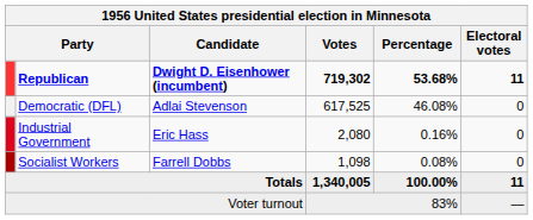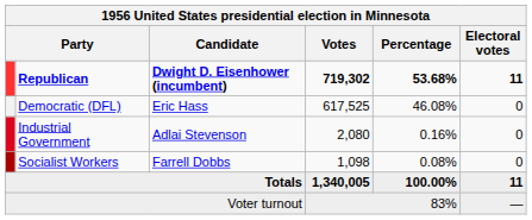 <table class="wikitable" style="font-size: 95%;">
 <tr>
 <th colspan="6">1956 United States presidential election in Minnesota</th>
 </tr>
 <tr>
 <th colspan="2" style="width: 15em">Party</th>
 <th style="width: 17em">Candidate</th>
 <th style="width: 5em">Votes</th>
 <th style="width: 7em">Percentage</th>
 <th style="width: 5em">Electoral votes</th>
 </tr>
 <tr>
 <th style="background-color:#FF3333; width: 3px"></th>
 <td style="width: 130px"><strong><a href='#'>Republican</a></strong></td>
 <td><strong><a href='#'>Dwight D. Eisenhower</a> (<a href='#'>incumbent</a>)</strong></td>
 <td align="right"><strong>719,302</strong></td>
 <td align="right"><strong>53.68%</strong></td>
 <td align="right"><strong>11</strong></td>
 </tr>
 <tr>
 <th style="background-color:"></th>
 <td style="width: 130px"><a href='#'>Democratic (DFL)</a></td>
-<td><a href='#'>Adlai Stevenson</a></td>
+<td><a href='#'>Eric Hass</a></td>
 <td align="right">617,525</td>
 <td align="right">46.08%</td>
 <td align="right">0</td>
 </tr>
 <tr>
 <th style="background-color:#DD051D; width: 3px"></th>
 <td style="width: 130px"><a href='#'>Industrial Government</a></td>
-<td><a href='#'>Eric Hass</a></td>
+<td><a href='#'>Adlai Stevenson</a></td>
 <td align="right">2,080</td>
 <td align="right">0.16%</td>
 <td align="right">0</td>
 </tr>
 <tr>
 <th style="background-color:#aa0000; width: 3px"></th>
 <td style="width: 130px"><a href='#'>Socialist Workers</a></td>
 <td><a href='#'>Farrell Dobbs</a></td>
 <td align="right">1,098</td>
 <td align="right">0.08%</td>
 <td align="right">0</td>
 </tr>
 <tr bgcolor="#EEEEEE">
 <td colspan="3" align="right"><strong>Totals</strong></td>
 <td align="right"><strong>1,340,005</strong></td>
 <td align="right"><strong>100.00%</strong></td>
 <td align="right"><strong>11</strong></td>
 </tr>
 <tr bgcolor="#EEEEEE">
 <td colspan="3" align="right">Voter turnout</td>
 <td colspan="2" align="right">83%</td>
 <td align="right">—</td>
 </tr>
 </table>
